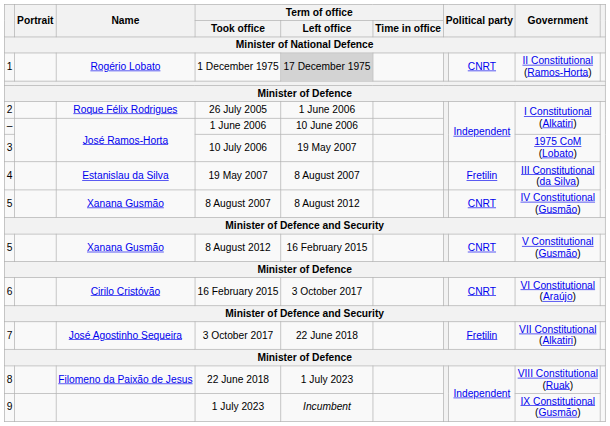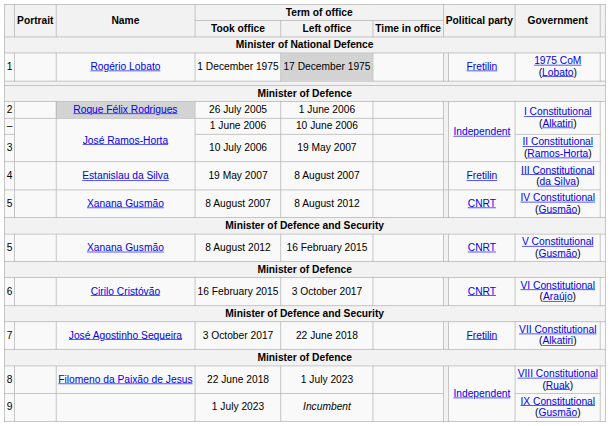 <table class="wikitable" style="text-align:center">
 <tr>
 <th rowspan="2"></th>
 <th rowspan="2">Portrait</th>
 <th rowspan="2">Name<br></th>
 <th colspan="3">Term of office</th>
 <th colspan="2" rowspan="2">Political party</th>
 <th rowspan="2">Government<br></th>
 <th rowspan="2"></th>
 </tr>
 <tr>
 <th>Took office</th>
 <th>Left office</th>
 <th>Time in office</th>
 </tr>
 <tr>
 <th colspan=10>Minister of National Defence</th>
 </tr>
 <tr>
 <td>1</td>
 <td></td>
 <td><a href='#'>Rogério Lobato</a><br></td>
 <td>1 December 1975</td>
 <td style="background: lightgrey;">17 December 1975</td>
 <td></td>
 <th style="background:"></th>
-<td><a href='#'>CNRT</a></td>
-<td><a href='#'>II Constitutional</a><br>(<a href='#'>Ramos-Horta</a>)</td>
+<td><a href='#'>Fretilin</a></td>
+<td><a href='#'>1975 CoM</a><br>(<a href='#'>Lobato</a>)</td>
 </tr>
 <tr>
 <th colspan=11></th>
 </tr>
 <tr>
 <th colspan=10>Minister of Defence</th>
 </tr>
 <tr>
 <td>2</td>
 <td></td>
-<td><a href='#'>Roque Félix Rodrigues</a><br></td>
+<td style="background: lightgrey;"><a href='#'>Roque Félix Rodrigues</a><br></td>
 <td>26 July 2005</td>
 <td>1 June 2006</td>
 <td></td>
 <th rowspan=3 style="background:"></th>
 <td rowspan=3><a href='#'>Independent</a></td>
 <td rowspan=2 align=center><a href='#'>I Constitutional</a><br>(<a href='#'>Alkatiri</a>)</td>
 </tr>
 <tr>
 <td>–</td>
 <td rowspan=2></td>
 <td rowspan=2><a href='#'>José Ramos-Horta</a><br></td>
 <td>1 June 2006</td>
 <td>10 June 2006</td>
 <td></td>
 </tr>
 <tr>
 <td>3</td>
 <td>10 July 2006</td>
 <td>19 May 2007</td>
 <td></td>
-<td><a href='#'>1975 CoM</a><br>(<a href='#'>Lobato</a>)</td>
+<td><a href='#'>II Constitutional</a><br>(<a href='#'>Ramos-Horta</a>)</td>
 </tr>
 <tr>
 <td>4</td>
 <td></td>
 <td><a href='#'>Estanislau da Silva</a><br></td>
 <td>19 May 2007</td>
 <td>8 August 2007</td>
 <td></td>
 <th style="background:"></th>
 <td><a href='#'>Fretilin</a></td>
 <td align=center><a href='#'>III Constitutional</a><br>(<a href='#'>da Silva</a>)</td>
 </tr>
 <tr>
 <td>5</td>
 <td></td>
 <td><a href='#'>Xanana Gusmão</a><br></td>
 <td>8 August 2007</td>
 <td>8 August 2012</td>
 <td></td>
 <th style="background:"></th>
 <td><a href='#'>CNRT</a></td>
 <td><a href='#'>IV Constitutional</a><br>(<a href='#'>Gusmão</a>)</td>
 </tr>
 <tr>
 <th colspan=10>Minister of Defence and Security</th>
 </tr>
 <tr>
 <td>5</td>
 <td></td>
 <td><a href='#'>Xanana Gusmão</a><br></td>
 <td>8 August 2012</td>
 <td>16 February 2015</td>
 <td></td>
 <th style="background:"></th>
 <td><a href='#'>CNRT</a></td>
 <td><a href='#'>V Constitutional</a><br>(<a href='#'>Gusmão</a>)</td>
 </tr>
 <tr>
 <th colspan=10>Minister of Defence</th>
 </tr>
 <tr>
 <td>6</td>
 <td></td>
 <td><a href='#'>Cirilo Cristóvão</a><br></td>
 <td>16 February 2015</td>
 <td>3 October 2017</td>
 <td></td>
 <th style="background:"></th>
 <td><a href='#'>CNRT</a></td>
 <td><a href='#'>VI Constitutional</a><br>(<a href='#'>Araújo</a>)</td>
 </tr>
 <tr>
 <th colspan=10>Minister of Defence and Security</th>
 </tr>
 <tr>
 <td>7</td>
 <td></td>
 <td><a href='#'>José Agostinho Sequeira</a><br></td>
 <td>3 October 2017</td>
 <td>22 June 2018</td>
 <td></td>
 <th style="background:"></th>
 <td><a href='#'>Fretilin</a></td>
 <td><a href='#'>VII Constitutional</a><br>(<a href='#'>Alkatiri</a>)</td>
 </tr>
 <tr>
 <th colspan=10>Minister of Defence</th>
 </tr>
 <tr>
 <td>8</td>
 <td></td>
 <td><a href='#'>Filomeno da Paixão de Jesus</a><br></td>
 <td>22 June 2018</td>
 <td>1 July 2023</td>
 <td></td>
 <th rowspan=2 style="background:"></th>
 <td rowspan=2><a href='#'>Independent</a></td>
 <td><a href='#'>VIII Constitutional</a><br>(<a href='#'>Ruak</a>)</td>
 </tr>
 <tr>
 <td>9</td>
 <td></td>
 <td><br></td>
 <td>1 July 2023</td>
 <td><em>Incumbent</em></td>
 <td></td>
 <td><a href='#'>IX Constitutional</a><br>(<a href='#'>Gusmão</a>)</td>
 </tr>
 </table>
